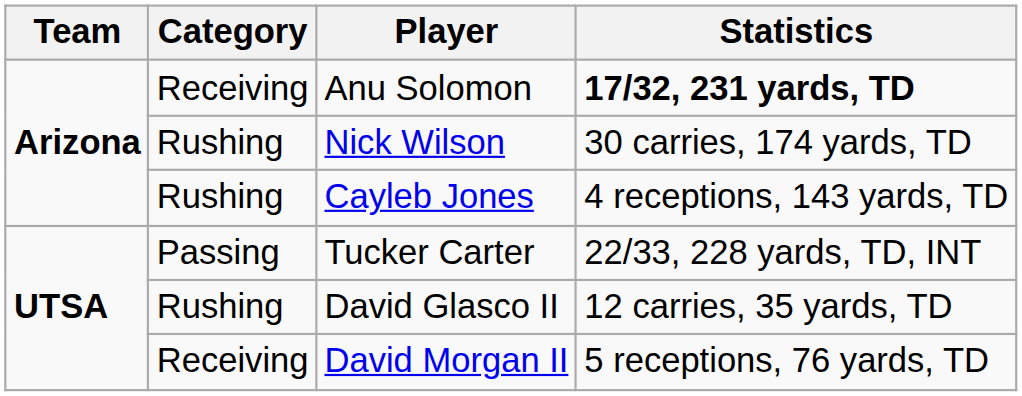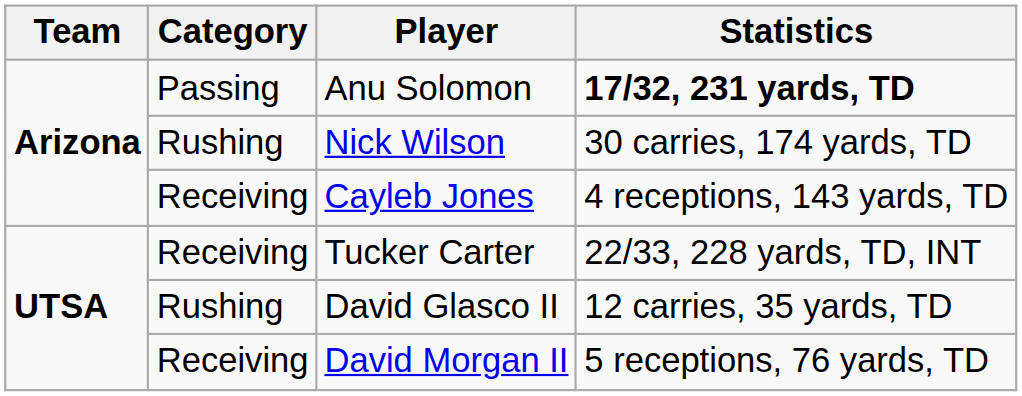 <table class="wikitable" style="float: right;">
 <tr>
 <th>Team</th>
 <th>Category</th>
 <th>Player</th>
 <th>Statistics</th>
 </tr>
 <tr>
 <td rowspan=3><strong>Arizona</strong></td>
-<td>Receiving</td>
+<td>Passing</td>
 <td>Anu Solomon</td>
 <td><strong>17/32, 231 yards, TD</strong></td>
 </tr>
 <tr>
 <td>Rushing</td>
 <td><a href='#'>Nick Wilson</a></td>
 <td>30 carries, 174 yards, TD</td>
 </tr>
 <tr>
-<td>Rushing</td>
+<td>Receiving</td>
 <td><a href='#'>Cayleb Jones</a></td>
 <td>4 receptions, 143 yards, TD</td>
 </tr>
 <tr>
 <td rowspan=3><strong>UTSA</strong></td>
-<td>Passing</td>
+<td>Receiving</td>
 <td>Tucker Carter</td>
 <td>22/33, 228 yards, TD, INT</td>
 </tr>
 <tr>
 <td>Rushing</td>
 <td>David Glasco II</td>
 <td>12 carries, 35 yards, TD</td>
 </tr>
 <tr>
 <td>Receiving</td>
 <td><a href='#'>David Morgan II</a></td>
 <td>5 receptions, 76 yards, TD</td>
 </tr>
 </table>
